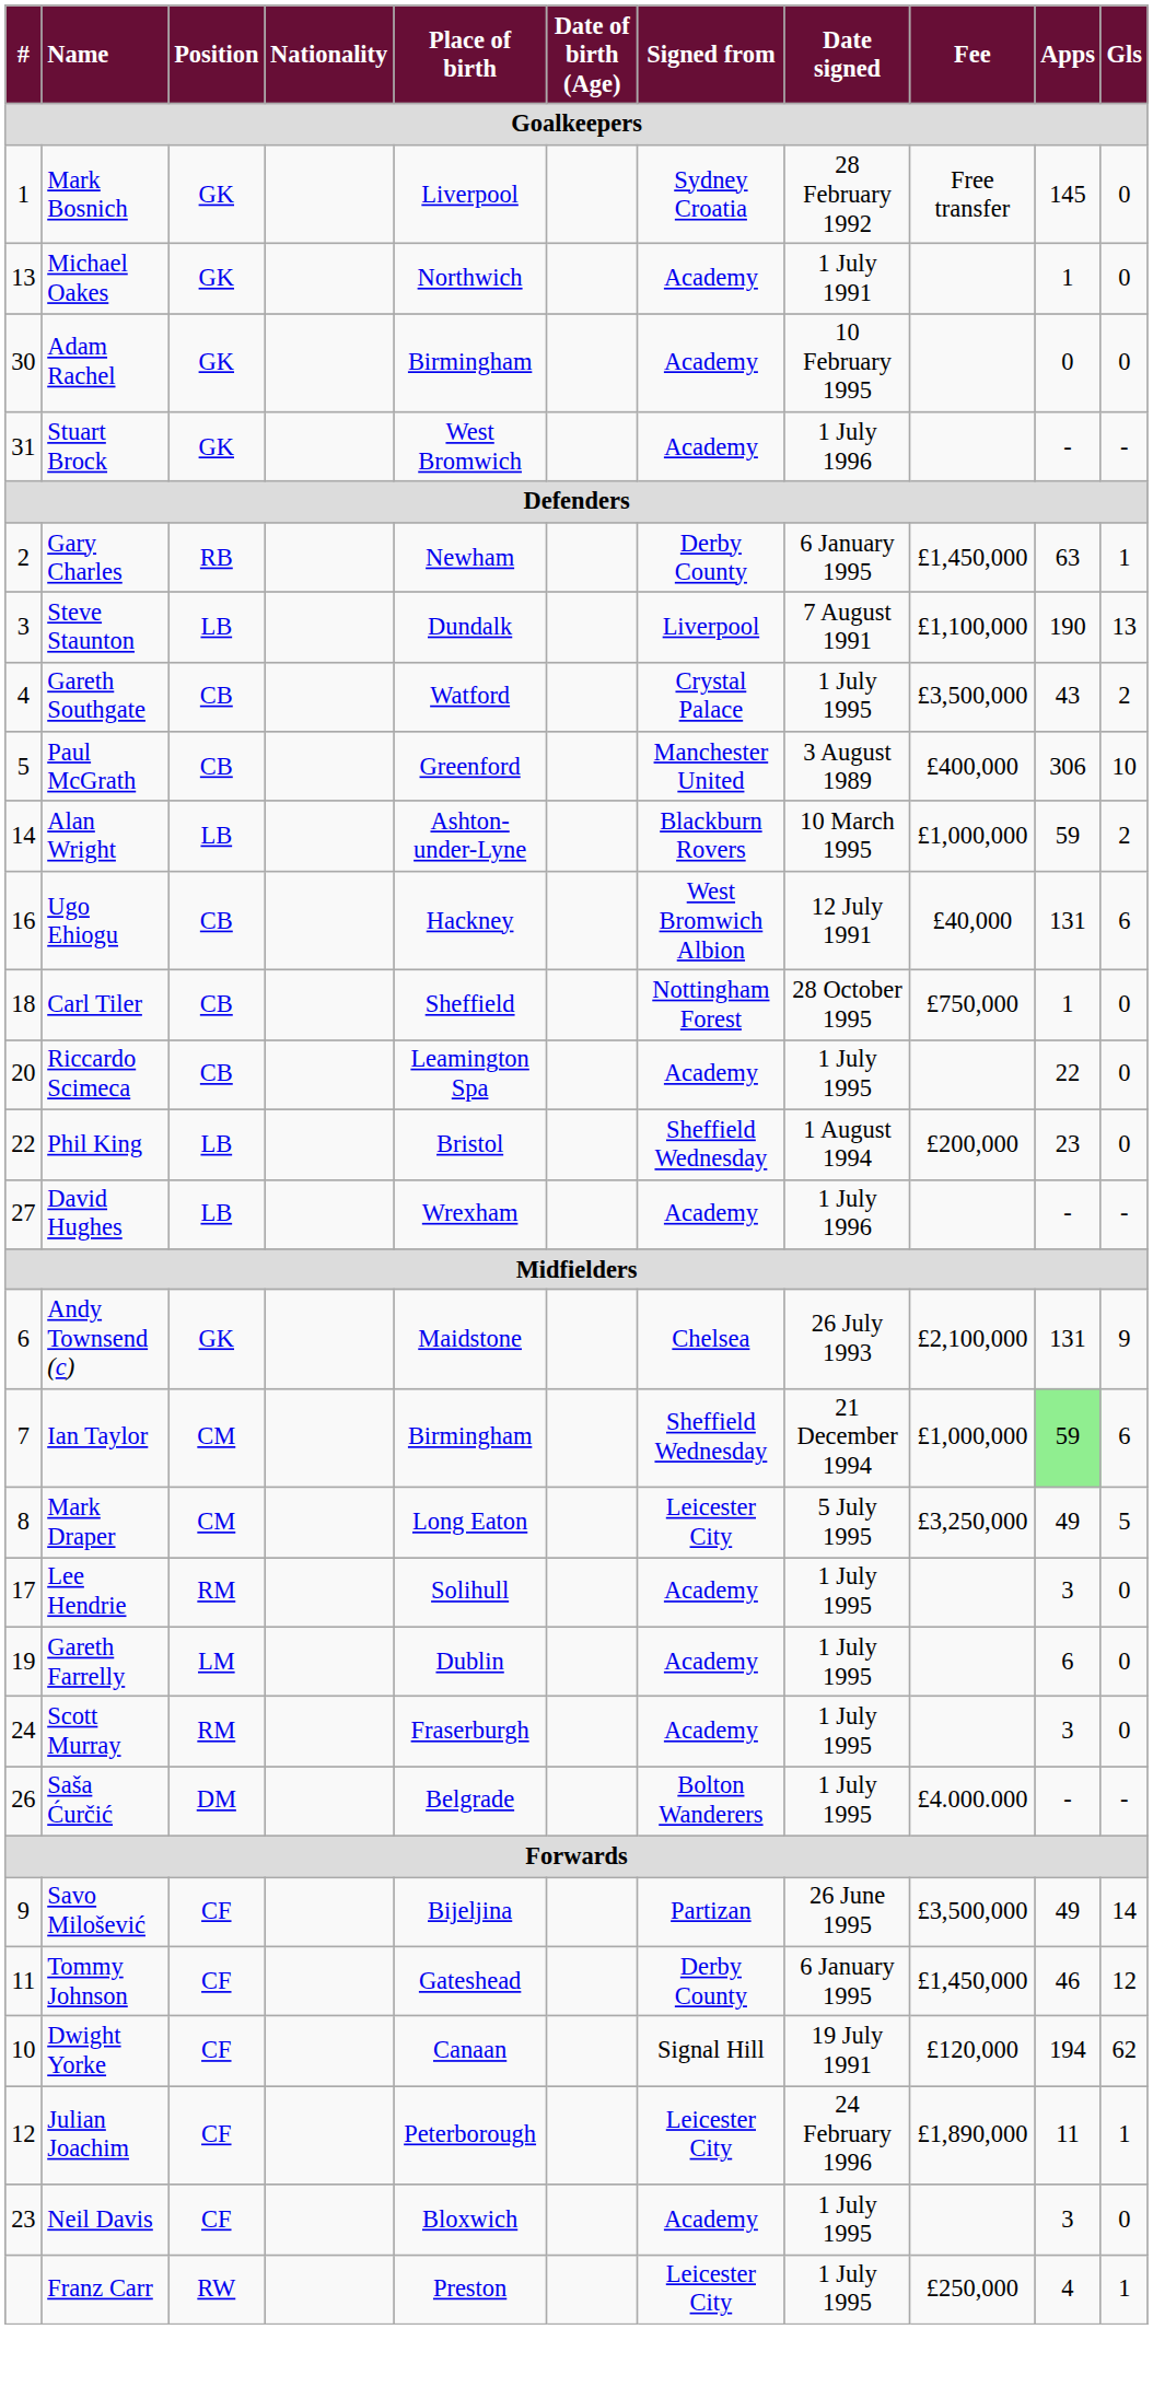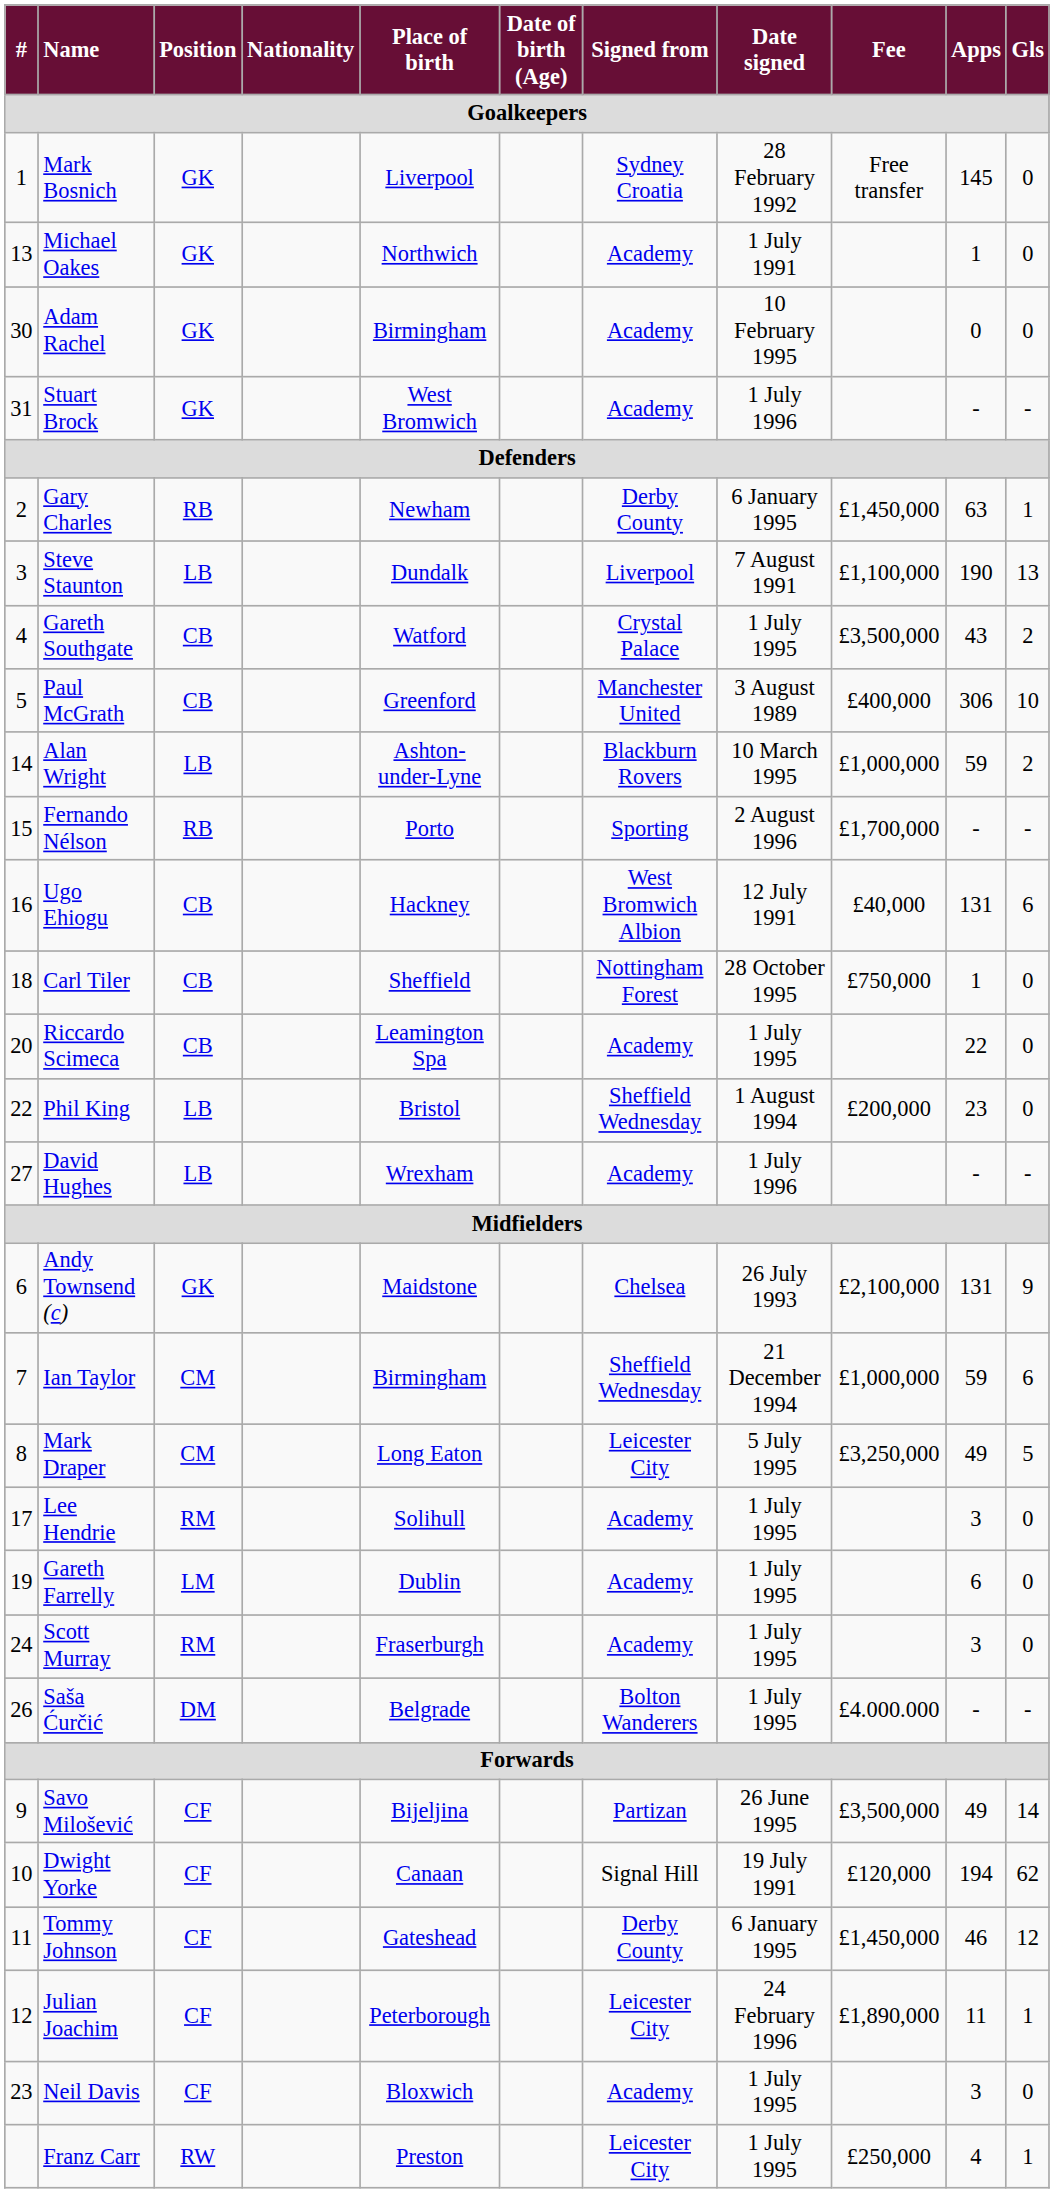 <table class="wikitable" style="text-align:center; font-size:84.5%; width:101%;">
 <tr>
 <th style="background:#670E36; color:#FFFFFF; text-align:center;">#</th>
 <th style="background:#670E36; color:#FFFFFF; text-align:left;">Name</th>
 <th style="background:#670E36; color:#FFFFFF; text-align:center;">Position</th>
 <th style="background:#670E36; color:#FFFFFF; text-align:center;">Nationality</th>
 <th style="background:#670E36; color:#FFFFFF; text-align:center;">Place of birth</th>
 <th style="background:#670E36; color:#FFFFFF; text-align:center;">Date of birth (Age)</th>
 <th style="background:#670E36; color:#FFFFFF; text-align:center;">Signed from</th>
 <th style="background:#670E36; color:#FFFFFF; text-align:center;">Date signed</th>
 <th style="background:#670E36; color:#FFFFFF; text-align:center;">Fee</th>
 <th style="background:#670E36; color:#FFFFFF; text-align:center;">Apps</th>
 <th style="background:#670E36; color:#FFFFFF; text-align:center;">Gls</th>
 </tr>
 <tr>
 <th colspan="11" style="background:#dcdcdc; tepxt-align:center;">Goalkeepers</th>
 </tr>
 <tr>
 <td>1</td>
 <td style="text-align:left;"><a href='#'>Mark Bosnich</a></td>
 <td><a href='#'>GK</a></td>
 <td></td>
 <td><a href='#'>Liverpool</a></td>
 <td></td>
 <td> <a href='#'>Sydney Croatia</a></td>
 <td>28 February 1992</td>
 <td>Free transfer</td>
 <td>145</td>
 <td>0</td>
 </tr>
 <tr>
 <td>13</td>
 <td style="text-align:left;"><a href='#'>Michael Oakes</a></td>
 <td><a href='#'>GK</a></td>
 <td></td>
 <td><a href='#'>Northwich</a></td>
 <td></td>
 <td><a href='#'>Academy</a></td>
 <td>1 July 1991</td>
 <td></td>
 <td>1</td>
 <td>0</td>
 </tr>
 <tr>
 <td>30</td>
 <td style="text-align:left;"><a href='#'>Adam Rachel</a></td>
 <td><a href='#'>GK</a></td>
 <td></td>
 <td><a href='#'>Birmingham</a></td>
 <td></td>
 <td><a href='#'>Academy</a></td>
 <td>10 February 1995</td>
 <td></td>
 <td>0</td>
 <td>0</td>
 </tr>
 <tr>
 <td>31</td>
 <td style="text-align:left;"><a href='#'>Stuart Brock</a></td>
 <td><a href='#'>GK</a></td>
 <td></td>
 <td><a href='#'>West Bromwich</a></td>
 <td></td>
 <td><a href='#'>Academy</a></td>
 <td>1 July 1996</td>
 <td></td>
 <td>-</td>
 <td>-</td>
 </tr>
 <tr>
 <th colspan="11" style="background:#dcdcdc; tepxt-align:center;">Defenders</th>
 </tr>
 <tr>
 <td>2</td>
 <td style="text-align:left;"><a href='#'>Gary Charles</a></td>
 <td><a href='#'>RB</a></td>
 <td></td>
 <td><a href='#'>Newham</a></td>
 <td></td>
 <td><a href='#'>Derby County</a></td>
 <td>6 January 1995</td>
 <td>£1,450,000</td>
 <td>63</td>
 <td>1</td>
 </tr>
 <tr>
 <td>3</td>
 <td style="text-align:left;"><a href='#'>Steve Staunton</a></td>
 <td><a href='#'>LB</a></td>
 <td></td>
 <td><a href='#'>Dundalk</a></td>
 <td></td>
 <td><a href='#'>Liverpool</a></td>
 <td>7 August 1991</td>
 <td>£1,100,000</td>
 <td>190</td>
 <td>13</td>
 </tr>
 <tr>
 <td>4</td>
 <td style="text-align:left;"><a href='#'>Gareth Southgate</a></td>
 <td><a href='#'>CB</a></td>
 <td></td>
 <td><a href='#'>Watford</a></td>
 <td></td>
 <td><a href='#'>Crystal Palace</a></td>
 <td>1 July 1995</td>
 <td>£3,500,000</td>
 <td>43</td>
 <td>2</td>
 </tr>
 <tr>
 <td>5</td>
 <td style="text-align:left;"><a href='#'>Paul McGrath</a></td>
 <td><a href='#'>CB</a></td>
 <td></td>
 <td> <a href='#'>Greenford</a></td>
 <td></td>
 <td><a href='#'>Manchester United</a></td>
 <td>3 August 1989</td>
 <td>£400,000</td>
 <td>306</td>
 <td>10</td>
 </tr>
 <tr>
 <td>14</td>
 <td style="text-align:left;"><a href='#'>Alan Wright</a></td>
 <td><a href='#'>LB</a></td>
 <td></td>
 <td><a href='#'>Ashton-under-Lyne</a></td>
 <td></td>
 <td><a href='#'>Blackburn Rovers</a></td>
 <td>10 March 1995</td>
 <td>£1,000,000</td>
 <td>59</td>
 <td>2</td>
 </tr>
 <tr>
+<td>15</td>
+<td style="text-align:left;"><a href='#'>Fernando Nélson</a></td>
+<td><a href='#'>RB</a></td>
+<td></td>
+<td><a href='#'>Porto</a></td>
+<td></td>
+<td> <a href='#'>Sporting</a></td>
+<td>2 August 1996</td>
+<td>£1,700,000</td>
+<td>-</td>
+<td>-</td>
+</tr>
+<tr>
 <td>16</td>
 <td style="text-align:left;"><a href='#'>Ugo Ehiogu</a></td>
 <td><a href='#'>CB</a></td>
 <td></td>
 <td><a href='#'>Hackney</a></td>
 <td></td>
 <td><a href='#'>West Bromwich Albion</a></td>
 <td>12 July 1991</td>
 <td>£40,000</td>
 <td>131</td>
 <td>6</td>
 </tr>
 <tr>
 <td>18</td>
 <td style="text-align:left;"><a href='#'>Carl Tiler</a></td>
 <td><a href='#'>CB</a></td>
 <td></td>
 <td><a href='#'>Sheffield</a></td>
 <td></td>
 <td><a href='#'>Nottingham Forest</a></td>
 <td>28 October 1995</td>
 <td>£750,000</td>
 <td>1</td>
 <td>0</td>
 </tr>
 <tr>
 <td>20</td>
 <td style="text-align:left;"><a href='#'>Riccardo Scimeca</a></td>
 <td><a href='#'>CB</a></td>
 <td></td>
 <td><a href='#'>Leamington Spa</a></td>
 <td></td>
 <td><a href='#'>Academy</a></td>
 <td>1 July 1995</td>
 <td></td>
 <td>22</td>
 <td>0</td>
 </tr>
 <tr>
 <td>22</td>
 <td style="text-align:left;"><a href='#'>Phil King</a></td>
 <td><a href='#'>LB</a></td>
 <td></td>
 <td><a href='#'>Bristol</a></td>
 <td></td>
 <td><a href='#'>Sheffield Wednesday</a></td>
 <td>1 August 1994</td>
 <td>£200,000</td>
 <td>23</td>
 <td>0</td>
 </tr>
 <tr>
 <td>27</td>
 <td style="text-align:left;"><a href='#'>David Hughes</a></td>
 <td><a href='#'>LB</a></td>
 <td></td>
 <td><a href='#'>Wrexham</a></td>
 <td></td>
 <td><a href='#'>Academy</a></td>
 <td>1 July 1996</td>
 <td></td>
 <td>-</td>
 <td>-</td>
 </tr>
 <tr>
 <th colspan="11" style="background:#dcdcdc; tepxt-align:center;">Midfielders</th>
 </tr>
 <tr>
 <td>6</td>
 <td style="text-align:left;"><a href='#'>Andy Townsend</a> <em>(<a href='#'>c</a>)</em></td>
 <td><a href='#'>GK</a></td>
 <td></td>
 <td> <a href='#'>Maidstone</a></td>
 <td></td>
 <td><a href='#'>Chelsea</a></td>
 <td>26 July 1993</td>
 <td>£2,100,000</td>
 <td>131</td>
 <td>9</td>
 </tr>
 <tr>
 <td>7</td>
 <td style="text-align:left;"><a href='#'>Ian Taylor</a></td>
 <td><a href='#'>CM</a></td>
 <td></td>
 <td><a href='#'>Birmingham</a></td>
 <td></td>
 <td><a href='#'>Sheffield Wednesday</a></td>
 <td>21 December 1994</td>
 <td>£1,000,000</td>
-<td style="background: lightgreen;">59</td>
+<td>59</td>
 <td>6</td>
 </tr>
 <tr>
 <td>8</td>
 <td style="text-align:left;"><a href='#'>Mark Draper</a></td>
 <td><a href='#'>CM</a></td>
 <td></td>
 <td><a href='#'>Long Eaton</a></td>
 <td></td>
 <td><a href='#'>Leicester City</a></td>
 <td>5 July 1995</td>
 <td>£3,250,000</td>
 <td>49</td>
 <td>5</td>
 </tr>
 <tr>
 <td>17</td>
 <td style="text-align:left;"><a href='#'>Lee Hendrie</a></td>
 <td><a href='#'>RM</a></td>
 <td></td>
 <td><a href='#'>Solihull</a></td>
 <td></td>
 <td><a href='#'>Academy</a></td>
 <td>1 July 1995</td>
 <td></td>
 <td>3</td>
 <td>0</td>
 </tr>
 <tr>
 <td>19</td>
 <td style="text-align:left;"><a href='#'>Gareth Farrelly</a></td>
 <td><a href='#'>LM</a></td>
 <td></td>
 <td><a href='#'>Dublin</a></td>
 <td></td>
 <td><a href='#'>Academy</a></td>
 <td>1 July 1995</td>
 <td></td>
 <td>6</td>
 <td>0</td>
 </tr>
 <tr>
 <td>24</td>
 <td style="text-align:left;"><a href='#'>Scott Murray</a></td>
 <td><a href='#'>RM</a></td>
 <td></td>
 <td><a href='#'>Fraserburgh</a></td>
 <td></td>
 <td><a href='#'>Academy</a></td>
 <td>1 July 1995</td>
 <td></td>
 <td>3</td>
 <td>0</td>
 </tr>
 <tr>
 <td>26</td>
 <td style="text-align:left;"><a href='#'>Saša Ćurčić</a></td>
 <td><a href='#'>DM</a></td>
 <td></td>
 <td><a href='#'>Belgrade</a></td>
 <td></td>
 <td><a href='#'>Bolton Wanderers</a></td>
 <td>1 July 1995</td>
 <td>£4.000.000</td>
 <td>-</td>
 <td>-</td>
 </tr>
 <tr>
 <th colspan="11" style="background:#dcdcdc; tepxt-align:center;">Forwards</th>
 </tr>
 <tr>
 <td>9</td>
 <td style="text-align:left;"><a href='#'>Savo Milošević</a></td>
 <td><a href='#'>CF</a></td>
 <td></td>
 <td><a href='#'>Bijeljina</a></td>
 <td></td>
 <td> <a href='#'>Partizan</a></td>
 <td>26 June 1995</td>
 <td>£3,500,000</td>
 <td>49</td>
 <td>14</td>
 </tr>
 <tr>
+<td>10</td>
+<td style="text-align:left;"><a href='#'>Dwight Yorke</a></td>
+<td><a href='#'>CF</a></td>
+<td></td>
+<td><a href='#'>Canaan</a></td>
+<td></td>
+<td> Signal Hill</td>
+<td>19 July 1991</td>
+<td>£120,000</td>
+<td>194</td>
+<td>62</td>
+</tr>
+<tr>
 <td>11</td>
 <td style="text-align:left;"><a href='#'>Tommy Johnson</a></td>
 <td><a href='#'>CF</a></td>
 <td></td>
 <td><a href='#'>Gateshead</a></td>
 <td></td>
 <td><a href='#'>Derby County</a></td>
 <td>6 January 1995</td>
 <td>£1,450,000</td>
 <td>46</td>
 <td>12</td>
-</tr>
-<tr>
-<td>10</td>
-<td style="text-align:left;"><a href='#'>Dwight Yorke</a></td>
-<td><a href='#'>CF</a></td>
-<td></td>
-<td><a href='#'>Canaan</a></td>
-<td></td>
-<td> Signal Hill</td>
-<td>19 July 1991</td>
-<td>£120,000</td>
-<td>194</td>
-<td>62</td>
 </tr>
 <tr>
 <td>12</td>
 <td style="text-align:left;"><a href='#'>Julian Joachim</a></td>
 <td><a href='#'>CF</a></td>
 <td></td>
 <td><a href='#'>Peterborough</a></td>
 <td></td>
 <td><a href='#'>Leicester City</a></td>
 <td>24 February 1996</td>
 <td>£1,890,000</td>
 <td>11</td>
 <td>1</td>
 </tr>
 <tr>
 <td>23</td>
 <td style="text-align:left;"><a href='#'>Neil Davis</a></td>
 <td><a href='#'>CF</a></td>
 <td></td>
 <td><a href='#'>Bloxwich</a></td>
 <td></td>
 <td><a href='#'>Academy</a></td>
 <td>1 July 1995</td>
 <td></td>
 <td>3</td>
 <td>0</td>
 </tr>
 <tr>
 <td></td>
 <td style="text-align:left;"><a href='#'>Franz Carr</a></td>
 <td><a href='#'>RW</a></td>
 <td></td>
 <td><a href='#'>Preston</a></td>
 <td></td>
 <td><a href='#'>Leicester City</a></td>
 <td>1 July 1995</td>
 <td>£250,000</td>
 <td>4</td>
 <td>1</td>
 </tr>
 </table>
